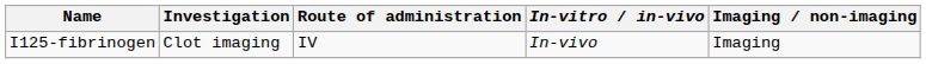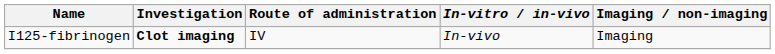 <table class="wikitable" style="font-size:95%">
 <tr>
 <th>Name</th>
 <th>Investigation</th>
 <th>Route of administration</th>
 <th><em>In-vitro</em> / <em>in-vivo</em></th>
 <th>Imaging / non-imaging</th>
 </tr>
 <tr>
 <td>I125-fibrinogen</td>
-<td>Clot imaging</td>
+<td><strong>Clot imaging</strong></td>
 <td>IV</td>
 <td><em>In-vivo</em></td>
 <td>Imaging</td>
 </tr>
 <tr>
 </tr>
 </table>
